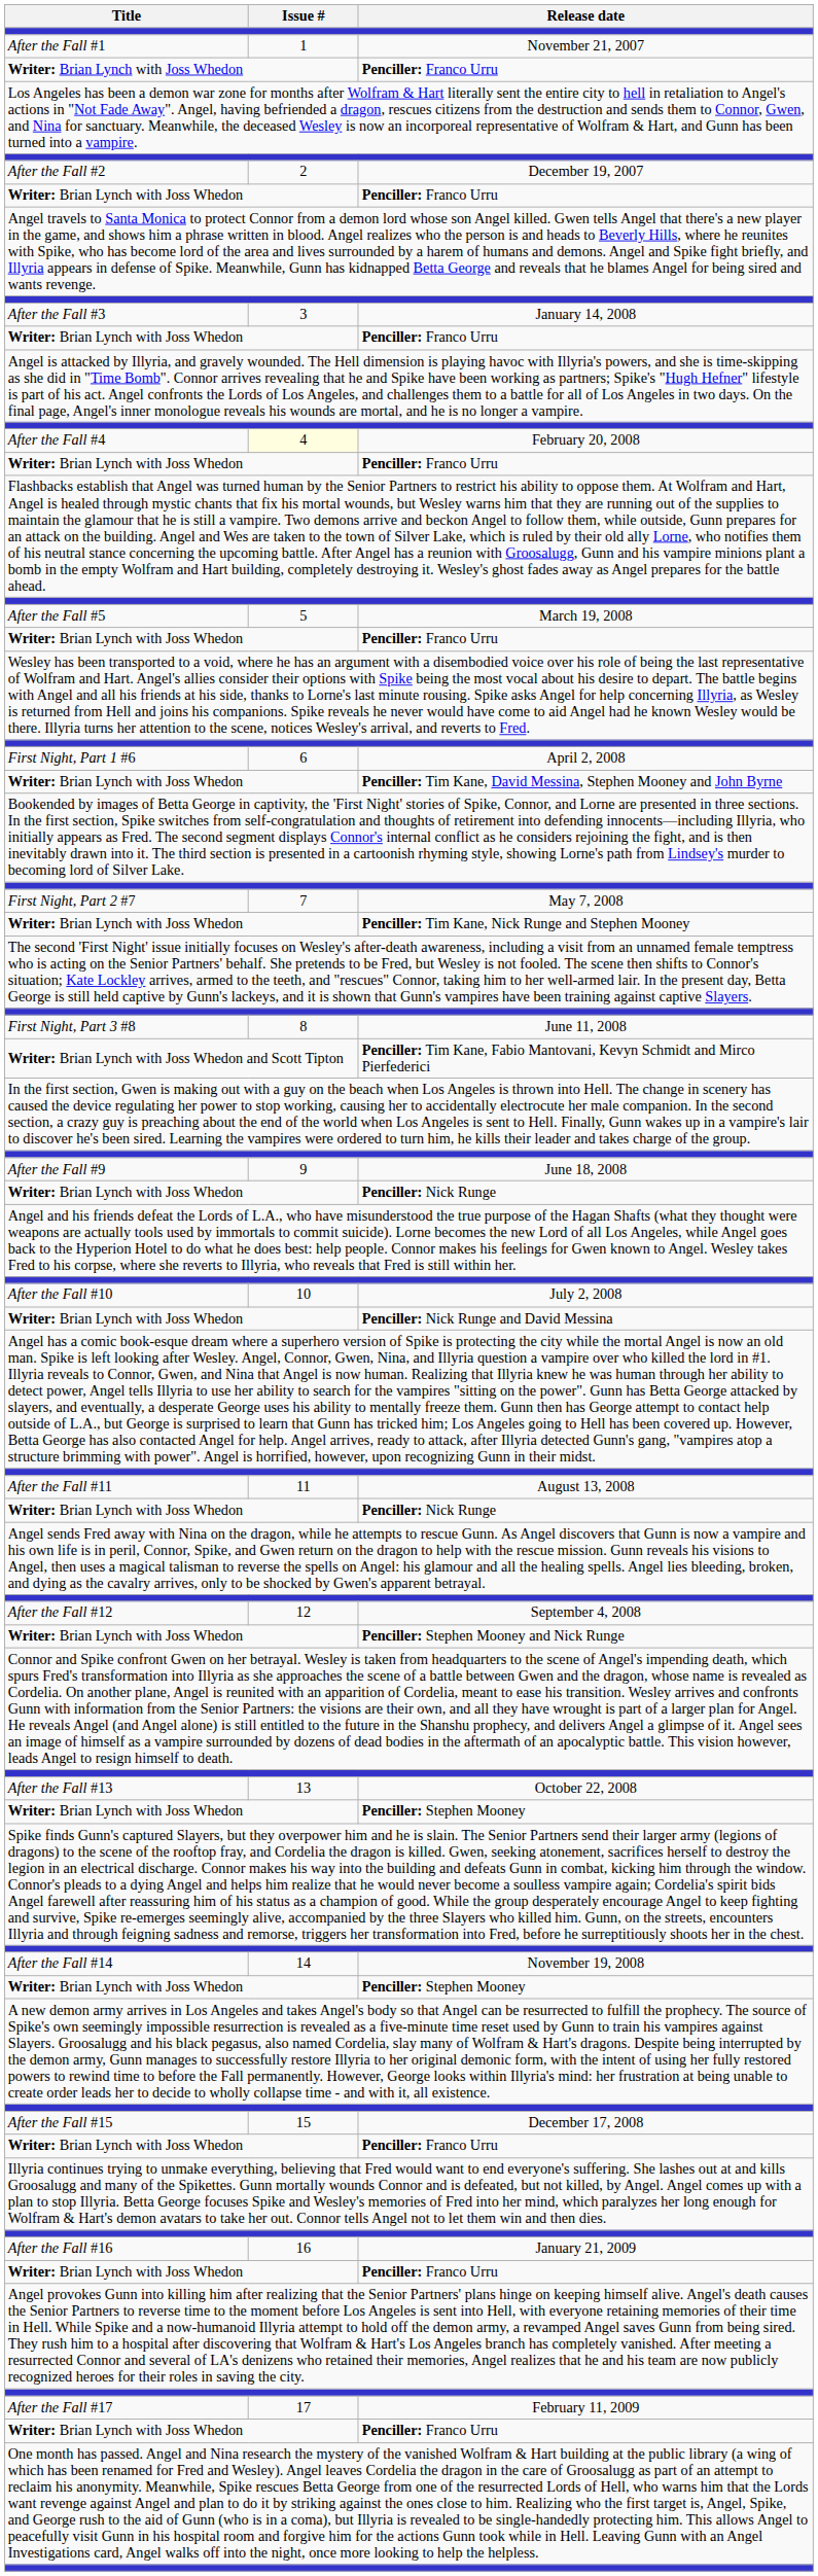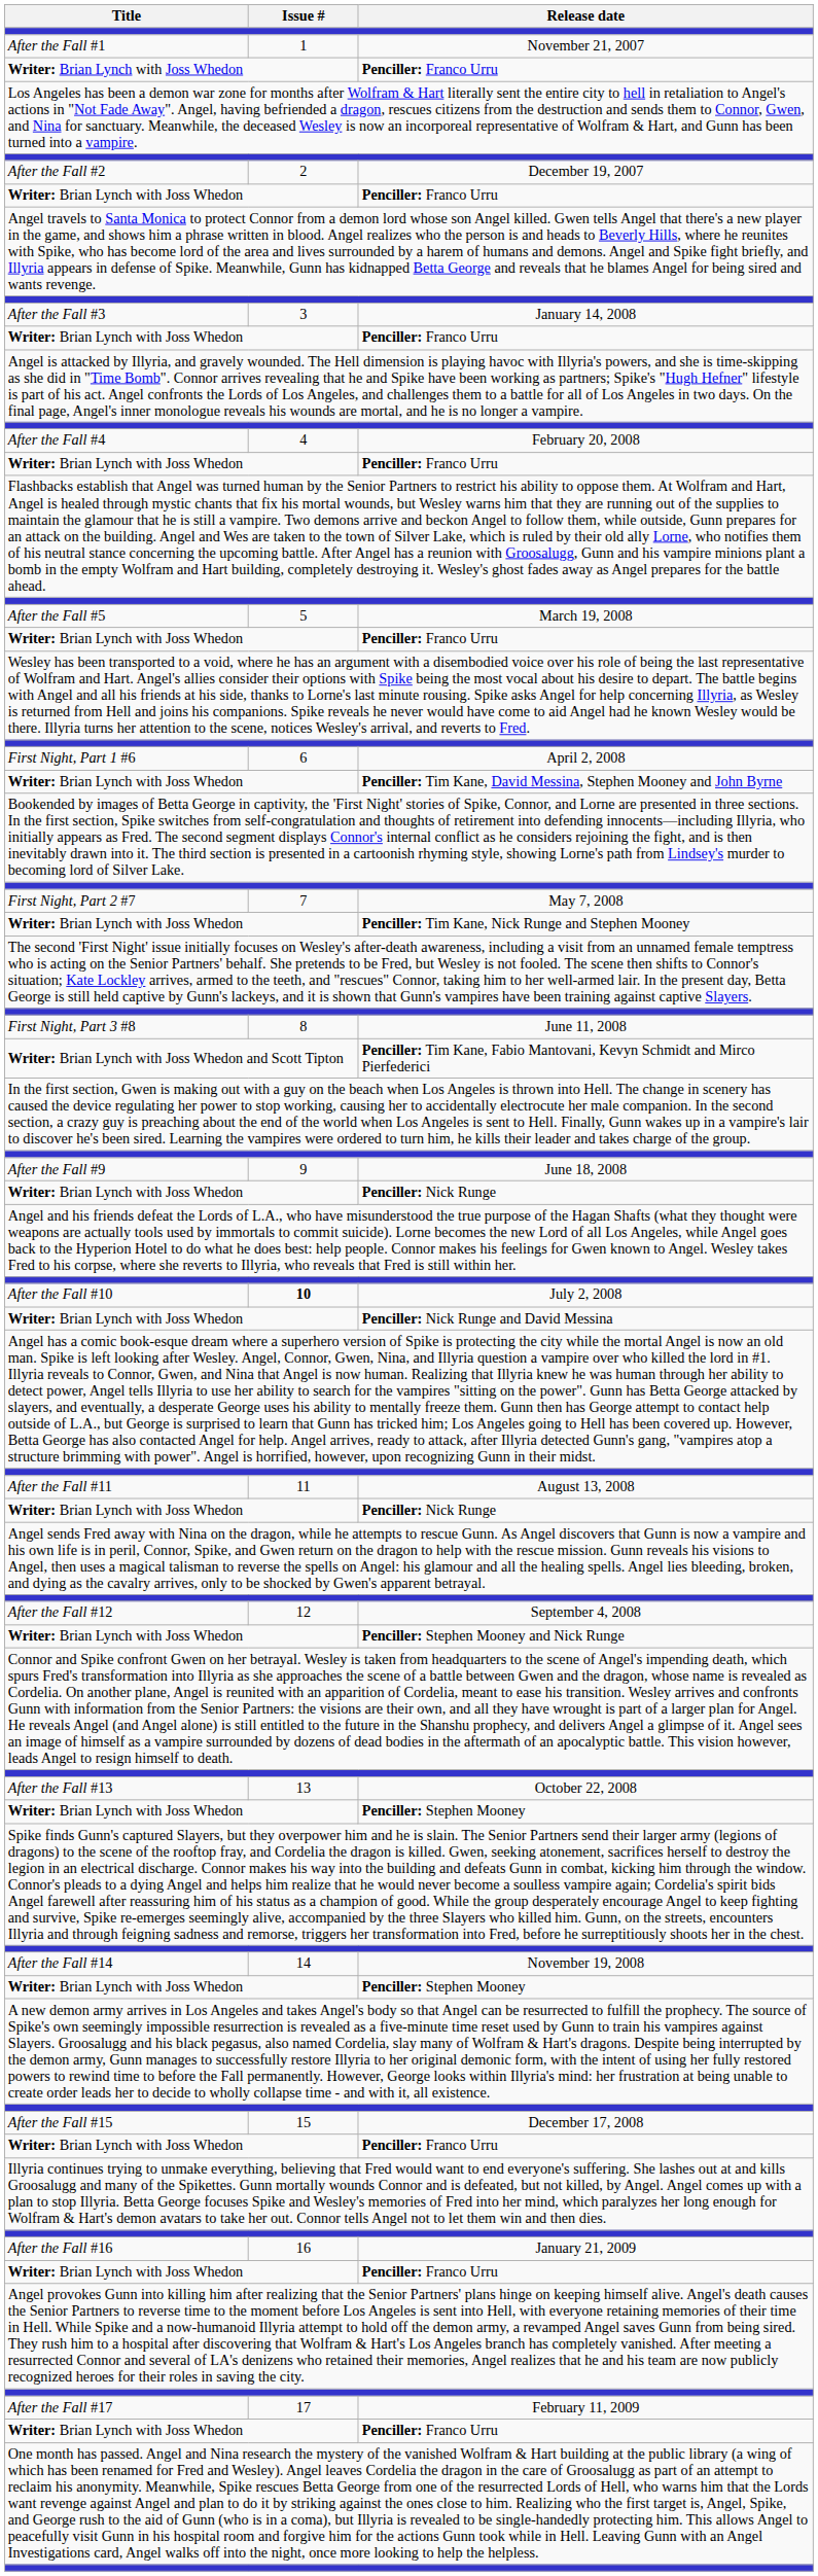 <table class="wikitable mw-collapsible mw-collapsed" style="width:100%;">
 <tr>
 <th>Title</th>
 <th>Issue #</th>
 <th>Release date</th>
 </tr>
 <tr>
 <td colspan="6" style="background:#33c;"></td>
 </tr>
 <tr>
 <td><em>After the Fall</em> #1</td>
 <td style="text-align:center;">1</td>
 <td style="text-align:center;">November 21, 2007</td>
 </tr>
 <tr>
 <td colspan="2"><strong>Writer:</strong> <a href='#'>Brian Lynch</a> with <a href='#'>Joss Whedon</a></td>
 <td><strong>Penciller:</strong> <a href='#'>Franco Urru</a></td>
 </tr>
 <tr>
 <td colspan="6">Los Angeles has been a demon war zone for months after <a href='#'>Wolfram & Hart</a> literally sent the entire city to <a href='#'>hell</a> in retaliation to Angel's actions in "<a href='#'>Not Fade Away</a>".  Angel, having befriended a <a href='#'>dragon</a>, rescues citizens from the destruction and sends them to <a href='#'>Connor</a>, <a href='#'>Gwen</a>, and <a href='#'>Nina</a> for sanctuary. Meanwhile, the deceased <a href='#'>Wesley</a> is now an incorporeal representative of Wolfram & Hart, and Gunn has been turned into a <a href='#'>vampire</a>.</td>
 </tr>
 <tr>
 <td colspan="6" style="background:#33c;"></td>
 </tr>
 <tr>
 <td><em>After the Fall</em> #2</td>
 <td style="text-align:center;">2</td>
 <td style="text-align:center;">December 19, 2007</td>
 </tr>
 <tr>
 <td colspan="2"><strong>Writer:</strong> Brian Lynch with Joss Whedon</td>
 <td><strong>Penciller:</strong> Franco Urru</td>
 </tr>
 <tr>
 <td colspan="6">Angel travels to <a href='#'>Santa Monica</a> to protect Connor from a demon lord whose son Angel killed.  Gwen tells Angel that there's a new player in the game, and shows him a phrase written in blood.  Angel realizes who the person is and heads to <a href='#'>Beverly Hills</a>, where he reunites with Spike, who has become lord of the area and lives surrounded by a harem of humans and demons.  Angel and Spike fight briefly, and <a href='#'>Illyria</a> appears in defense of Spike.  Meanwhile, Gunn has kidnapped <a href='#'>Betta George</a> and reveals that he blames Angel for being sired and wants revenge.</td>
 </tr>
 <tr>
 <td colspan="6" style="background:#33c;"></td>
 </tr>
 <tr>
 <td><em>After the Fall</em> #3</td>
 <td style="text-align:center;">3</td>
 <td style="text-align:center;">January 14, 2008</td>
 </tr>
 <tr>
 <td colspan="2"><strong>Writer:</strong> Brian Lynch with Joss Whedon</td>
 <td><strong>Penciller:</strong> Franco Urru</td>
 </tr>
 <tr>
 <td colspan="6">Angel is attacked by Illyria, and gravely wounded. The Hell dimension is playing havoc with Illyria's powers, and she is time-skipping as she did in "<a href='#'>Time Bomb</a>". Connor arrives revealing that he and Spike have been working as partners; Spike's "<a href='#'>Hugh Hefner</a>" lifestyle is part of his act. Angel confronts the Lords of Los Angeles, and challenges them to a battle for all of Los Angeles in two days. On the final page, Angel's inner monologue reveals his wounds are mortal, and he is no longer a vampire.</td>
 </tr>
 <tr>
 <td colspan="6" style="background:#33c;"></td>
 </tr>
 <tr>
 <td><em>After the Fall</em> #4</td>
-<td style="background: lightyellow; text-align:center;">4</td>
+<td style="text-align:center;">4</td>
 <td style="text-align:center;">February 20, 2008</td>
 </tr>
 <tr>
 <td colspan="2"><strong>Writer:</strong> Brian Lynch with Joss Whedon</td>
 <td><strong>Penciller:</strong> Franco Urru</td>
 </tr>
 <tr>
 <td colspan="6">Flashbacks establish that Angel was turned human by the Senior Partners to restrict his ability to oppose them. At Wolfram and Hart, Angel is healed through mystic chants that fix his mortal wounds, but Wesley warns him that they are running out of the supplies to maintain the glamour that he is still a vampire. Two demons arrive and beckon Angel to follow them, while outside, Gunn prepares for an attack on the building. Angel and Wes are taken to the town of Silver Lake, which is ruled by their old ally <a href='#'>Lorne</a>, who notifies them of his neutral stance concerning the upcoming battle. After Angel has a reunion with <a href='#'>Groosalugg</a>, Gunn and his vampire minions plant a bomb in the empty Wolfram and Hart building, completely destroying it. Wesley's ghost fades away as Angel prepares for the battle ahead.</td>
 </tr>
 <tr>
 <td colspan="6" style="background:#33c;"></td>
 </tr>
 <tr>
 <td><em>After the Fall</em> #5</td>
 <td style="text-align:center;">5</td>
 <td style="text-align:center;">March 19, 2008</td>
 </tr>
 <tr>
 <td colspan="2"><strong>Writer:</strong> Brian Lynch with Joss Whedon</td>
 <td><strong>Penciller:</strong> Franco Urru</td>
 </tr>
 <tr>
 <td colspan="6">Wesley has been transported to a void, where he has an argument with a disembodied voice over his role of being the last representative of Wolfram and Hart. Angel's allies consider their options with <a href='#'>Spike</a> being the most vocal about his desire to depart. The battle begins with Angel and all his friends at his side, thanks to Lorne's last minute rousing. Spike asks Angel for help concerning <a href='#'>Illyria</a>, as Wesley is returned from Hell and joins his companions. Spike reveals he never would have come to aid Angel had he known Wesley would be there. Illyria turns her attention to the scene, notices Wesley's arrival, and reverts to <a href='#'>Fred</a>.</td>
 </tr>
 <tr>
 <td colspan="6" style="background:#33c;"></td>
 </tr>
 <tr>
 <td><em>First Night, Part 1</em> #6</td>
 <td style="text-align:center;">6</td>
 <td style="text-align:center;">April 2, 2008</td>
 </tr>
 <tr>
 <td colspan="2"><strong>Writer:</strong> Brian Lynch with Joss Whedon</td>
 <td><strong>Penciller:</strong> Tim Kane, <a href='#'>David Messina</a>, Stephen Mooney and <a href='#'>John Byrne</a></td>
 </tr>
 <tr>
 <td colspan="6">Bookended by images of Betta George in captivity, the 'First Night' stories of Spike, Connor, and Lorne are presented in three sections. In the first section, Spike switches from self-congratulation and thoughts of retirement into defending innocents—including Illyria, who initially appears as Fred. The second segment displays <a href='#'>Connor's</a> internal conflict as he considers rejoining the fight, and is then inevitably drawn into it. The third section is presented in a cartoonish rhyming style, showing Lorne's path from <a href='#'>Lindsey's</a> murder to becoming lord of Silver Lake.</td>
 </tr>
 <tr>
 <td colspan="6" style="background:#33c;"></td>
 </tr>
 <tr>
 <td><em>First Night, Part 2</em> #7</td>
 <td style="text-align:center;">7</td>
 <td style="text-align:center;">May 7, 2008</td>
 </tr>
 <tr>
 <td colspan="2"><strong>Writer:</strong> Brian Lynch with Joss Whedon</td>
 <td><strong>Penciller:</strong> Tim Kane, Nick Runge and Stephen Mooney</td>
 </tr>
 <tr>
 <td colspan="6">The second 'First Night' issue initially focuses on Wesley's after-death awareness, including a visit from an unnamed female temptress who is acting on the Senior Partners' behalf. She pretends to be Fred, but Wesley is not fooled. The scene then shifts to Connor's situation; <a href='#'>Kate Lockley</a> arrives, armed to the teeth, and "rescues" Connor, taking him to her well-armed lair. In the present day, Betta George is still held captive by Gunn's lackeys, and it is shown that Gunn's vampires have been training against captive <a href='#'>Slayers</a>.</td>
 </tr>
 <tr>
 <td colspan="6" style="background:#33c;"></td>
 </tr>
 <tr>
 <td><em>First Night, Part 3</em> #8</td>
 <td style="text-align:center;">8</td>
 <td style="text-align:center;">June 11, 2008</td>
 </tr>
 <tr>
 <td colspan="2"><strong>Writer:</strong> Brian Lynch with Joss Whedon and Scott Tipton</td>
 <td><strong>Penciller:</strong> Tim Kane, Fabio Mantovani, Kevyn Schmidt and Mirco Pierfederici</td>
 </tr>
 <tr>
 <td colspan="6">In the first section, Gwen is making out with a guy on the beach when Los Angeles is thrown into Hell. The change in scenery has caused the device regulating her power to stop working, causing her to accidentally electrocute her male companion. In the second section, a crazy guy is preaching about the end of the world when Los Angeles is sent to Hell. Finally, Gunn wakes up in a vampire's lair to discover he's been sired. Learning the vampires were ordered to turn him, he kills their leader and takes charge of the group.</td>
 </tr>
 <tr>
 <td colspan="6" style="background:#33c;"></td>
 </tr>
 <tr>
 <td><em>After the Fall</em> #9</td>
 <td style="text-align:center;">9</td>
 <td style="text-align:center;">June 18, 2008</td>
 </tr>
 <tr>
 <td colspan="2"><strong>Writer:</strong> Brian Lynch with Joss Whedon</td>
 <td><strong>Penciller:</strong> Nick Runge</td>
 </tr>
 <tr>
 <td colspan="6">Angel and his friends defeat the Lords of L.A., who have misunderstood the true purpose of the Hagan Shafts (what they thought were weapons are actually tools used by immortals to commit suicide). Lorne becomes the new Lord of all Los Angeles, while Angel goes back to the Hyperion Hotel to do what he does best: help people. Connor makes his feelings for Gwen known to Angel. Wesley takes Fred to his corpse, where she reverts to Illyria, who reveals that Fred is still within her.</td>
 </tr>
 <tr>
 <td colspan="6" style="background:#33c;"></td>
 </tr>
 <tr>
 <td><em>After the Fall</em> #10</td>
-<td style="text-align:center;">10</td>
+<td style="text-align:center;"><strong>10</strong></td>
 <td style="text-align:center;">July 2, 2008</td>
 </tr>
 <tr>
 <td colspan="2"><strong>Writer:</strong> Brian Lynch with Joss Whedon</td>
 <td><strong>Penciller:</strong> Nick Runge and David Messina</td>
 </tr>
 <tr>
 <td colspan="6">Angel has a comic book-esque dream where a superhero version of Spike is protecting the city while the mortal Angel is now an old man. Spike is left looking after Wesley. Angel, Connor, Gwen, Nina, and Illyria question a vampire over who killed the lord in #1. Illyria reveals to Connor, Gwen, and Nina that Angel is now human. Realizing that Illyria knew he was human through her ability to detect power, Angel tells Illyria to use her ability to search for the vampires "sitting on the power". Gunn has Betta George attacked by slayers, and eventually, a desperate George uses his ability to mentally freeze them. Gunn then has George attempt to contact help outside of L.A., but George is surprised to learn that Gunn has tricked him; Los Angeles going to Hell has been covered up. However, Betta George has also contacted Angel for help. Angel arrives, ready to attack, after Illyria detected Gunn's gang, "vampires atop a structure brimming with power". Angel is horrified, however, upon recognizing Gunn in their midst.</td>
 </tr>
 <tr>
 <td colspan="6" style="background:#33c;"></td>
 </tr>
 <tr>
 <td><em>After the Fall</em> #11</td>
 <td style="text-align:center;">11</td>
 <td style="text-align:center;">August 13, 2008</td>
 </tr>
 <tr>
 <td colspan="2"><strong>Writer:</strong> Brian Lynch with Joss Whedon</td>
 <td><strong>Penciller:</strong> Nick Runge</td>
 </tr>
 <tr>
 <td colspan="6">Angel sends Fred away with Nina on the dragon, while he attempts to rescue Gunn. As Angel discovers that Gunn is now a vampire and his own life is in peril, Connor, Spike, and Gwen return on the dragon to help with the rescue mission. Gunn reveals his visions to Angel, then uses a magical talisman to reverse the spells on Angel: his glamour and all the healing spells. Angel lies bleeding, broken, and dying as the cavalry arrives, only to be shocked by Gwen's apparent betrayal.</td>
 </tr>
 <tr>
 <td colspan="6" style="background:#33c;"></td>
 </tr>
 <tr>
 <td><em>After the Fall</em> #12</td>
 <td style="text-align:center;">12</td>
 <td style="text-align:center;">September 4, 2008</td>
 </tr>
 <tr>
 <td colspan="2"><strong>Writer:</strong> Brian Lynch with Joss Whedon</td>
 <td><strong>Penciller:</strong> Stephen Mooney and Nick Runge</td>
 </tr>
 <tr>
 <td colspan="6">Connor and Spike confront Gwen on her betrayal. Wesley is taken from headquarters to the scene of Angel's impending death, which spurs Fred's transformation into Illyria as she approaches the scene of a battle between Gwen and the dragon, whose name is revealed as Cordelia. On another plane, Angel is reunited with an apparition of Cordelia, meant to ease his transition. Wesley arrives and confronts Gunn with information from the Senior Partners: the visions are their own, and all they have wrought is part of a larger plan for Angel. He reveals Angel (and Angel alone) is still entitled to the future in the Shanshu prophecy, and delivers Angel a glimpse of it. Angel sees an image of himself as a vampire surrounded by dozens of dead bodies in the aftermath of an apocalyptic battle. This vision however, leads Angel to resign himself to death.</td>
 </tr>
 <tr>
 <td colspan="6" style="background:#33c;"></td>
 </tr>
 <tr>
 <td><em>After the Fall</em> #13</td>
 <td style="text-align:center;">13</td>
 <td style="text-align:center;">October 22, 2008</td>
 </tr>
 <tr>
 <td colspan="2"><strong>Writer:</strong> Brian Lynch with Joss Whedon</td>
 <td><strong>Penciller:</strong> Stephen Mooney</td>
 </tr>
 <tr>
 <td colspan="6">Spike finds Gunn's captured Slayers, but they overpower him and he is slain. The Senior Partners send their larger army (legions of dragons) to the scene of the rooftop fray, and Cordelia the dragon is killed. Gwen, seeking atonement, sacrifices herself to destroy the legion in an electrical discharge. Connor makes his way into the building and defeats Gunn in combat, kicking him through the window. Connor's pleads to a dying Angel and helps him realize that he would never become a soulless vampire again; Cordelia's spirit bids Angel farewell after reassuring him of his status as a champion of good. While the group desperately encourage Angel to keep fighting and survive, Spike re-emerges seemingly alive, accompanied by the three Slayers who killed him. Gunn, on the streets, encounters Illyria and through feigning sadness and remorse, triggers her transformation into Fred, before he surreptitiously shoots her in the chest.</td>
 </tr>
 <tr>
 <td colspan="6" style="background:#33c;"></td>
 </tr>
 <tr>
 <td><em>After the Fall</em> #14</td>
 <td style="text-align:center;">14</td>
 <td style="text-align:center;">November 19, 2008</td>
 </tr>
 <tr>
 <td colspan="2"><strong>Writer:</strong> Brian Lynch with Joss Whedon</td>
 <td><strong>Penciller:</strong> Stephen Mooney</td>
 </tr>
 <tr>
 <td colspan="6">A new demon army arrives in Los Angeles and takes Angel's body so that Angel can be resurrected to fulfill the prophecy. The source of Spike's own seemingly impossible resurrection is revealed as a five-minute time reset used by Gunn to train his vampires against Slayers. Groosalugg and his black pegasus, also named Cordelia, slay many of Wolfram & Hart's dragons. Despite being interrupted by the demon army, Gunn manages to successfully restore Illyria to her original demonic form, with the intent of using her fully restored powers to rewind time to before the Fall permanently.  However, George looks within Illyria's mind: her frustration at being unable to create order leads her to decide to wholly collapse time - and with it, all existence.</td>
 </tr>
 <tr>
 <td colspan="6" style="background:#33c;"></td>
 </tr>
 <tr>
 <td><em>After the Fall</em> #15</td>
 <td style="text-align:center;">15</td>
 <td style="text-align:center;">December 17, 2008</td>
 </tr>
 <tr>
 <td colspan="2"><strong>Writer:</strong> Brian Lynch with Joss Whedon</td>
 <td><strong>Penciller:</strong> Franco Urru</td>
 </tr>
 <tr>
 <td colspan="6">Illyria continues trying to unmake everything, believing that Fred would want to end everyone's suffering. She lashes out at and kills Groosalugg and many of the Spikettes. Gunn mortally wounds Connor and is defeated, but not killed, by Angel. Angel comes up with a plan to stop Illyria. Betta George focuses Spike and Wesley's memories of Fred into her mind, which paralyzes her long enough for Wolfram & Hart's demon avatars to take her out. Connor tells Angel not to let them win and then dies.</td>
 </tr>
 <tr>
 <td colspan="6" style="background:#33c;"></td>
 </tr>
 <tr>
 <td><em>After the Fall</em> #16</td>
 <td style="text-align:center;">16</td>
 <td style="text-align:center;">January 21, 2009</td>
 </tr>
 <tr>
 <td colspan="2"><strong>Writer:</strong> Brian Lynch with Joss Whedon</td>
 <td><strong>Penciller:</strong> Franco Urru</td>
 </tr>
 <tr>
 <td colspan="6">Angel provokes Gunn into killing him after realizing that the Senior Partners' plans hinge on keeping himself alive. Angel's death causes the Senior Partners to reverse time to the moment before Los Angeles is sent into Hell, with everyone retaining memories of their time in Hell. While Spike and a now-humanoid Illyria attempt to hold off the demon army, a revamped Angel saves Gunn from being sired. They rush him to a hospital after discovering that Wolfram & Hart's Los Angeles branch has completely vanished. After meeting a resurrected Connor and several of LA's denizens who retained their memories, Angel realizes that he and his team are now publicly recognized heroes for their roles in saving the city.</td>
 </tr>
 <tr>
 <td colspan="6" style="background:#33c;"></td>
 </tr>
 <tr>
 <td><em>After the Fall</em> #17</td>
 <td style="text-align:center;">17</td>
 <td style="text-align:center;">February 11, 2009</td>
 </tr>
 <tr>
 <td colspan="2"><strong>Writer:</strong> Brian Lynch with Joss Whedon</td>
 <td><strong>Penciller:</strong> Franco Urru</td>
 </tr>
 <tr>
 <td colspan="6">One month has passed.  Angel and Nina research the mystery of the vanished Wolfram & Hart building at the public library (a wing of which has been renamed for Fred and Wesley).  Angel leaves Cordelia the dragon in the care of Groosalugg as part of an attempt to reclaim his anonymity.  Meanwhile, Spike rescues Betta George from one of the resurrected Lords of Hell, who warns him that the Lords want revenge against Angel and plan to do it by striking against the ones close to him.  Realizing who the first target is, Angel, Spike, and George rush to the aid of Gunn (who is in a coma), but Illyria is revealed to be single-handedly protecting him.  This allows Angel to peacefully visit Gunn in his hospital room and forgive him for the actions Gunn took while in Hell.  Leaving Gunn with an Angel Investigations card, Angel walks off into the night, once more looking to help the helpless.</td>
 </tr>
 <tr>
 <td colspan="6" style="background:#33c;"></td>
 </tr>
 </table>
